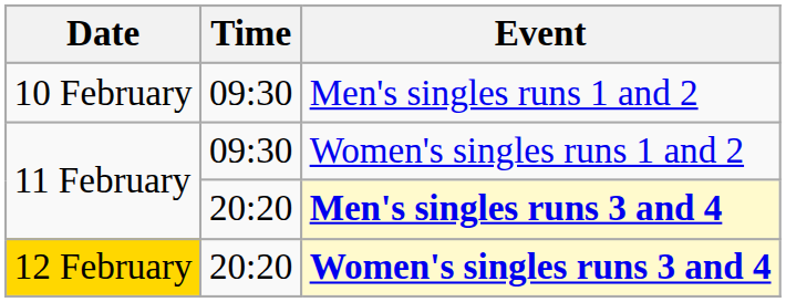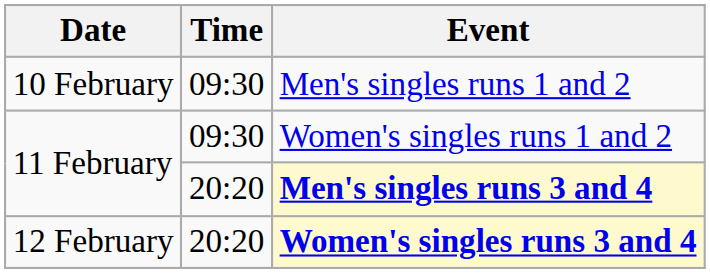 <table class=wikitable>
 <tr>
 <th>Date</th>
 <th>Time</th>
 <th>Event</th>
 </tr>
 <tr>
 <td>10 February</td>
 <td>09:30</td>
 <td><a href='#'>Men's singles runs 1 and 2</a></td>
 </tr>
 <tr>
 <td rowspan=2>11 February</td>
 <td>09:30</td>
 <td><a href='#'>Women's singles runs 1 and 2</a></td>
 </tr>
 <tr>
 <td>20:20</td>
 <td style="background:lemonchiffon"><strong><a href='#'>Men's singles runs 3 and 4</a></strong></td>
 </tr>
 <tr>
-<td style="background: gold;">12 February</td>
+<td>12 February</td>
 <td>20:20</td>
 <td style="background:lemonchiffon"><strong><a href='#'>Women's singles runs 3 and 4</a></strong></td>
 </tr>
 </table>
